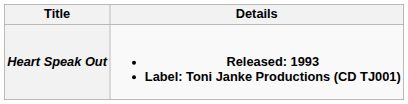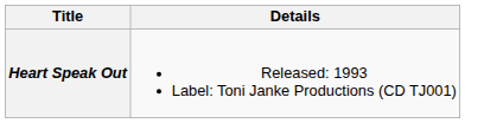 <table class="wikitable plainrowheaders" style="text-align:center;" border="1">
 <tr>
 <th>Title</th>
 <th>Details</th>
 </tr>
 <tr>
 <th scope="row"><em>Heart Speak Out</em></th>
-<td><strong><br><ul><li>Released: 1993</li><li>Label: Toni Janke Productions (CD TJ001)</li></ul></strong></td>
+<td><br><ul><li>Released: 1993</li><li>Label: Toni Janke Productions (CD TJ001)</li></ul></td>
 </tr>
 </table>
